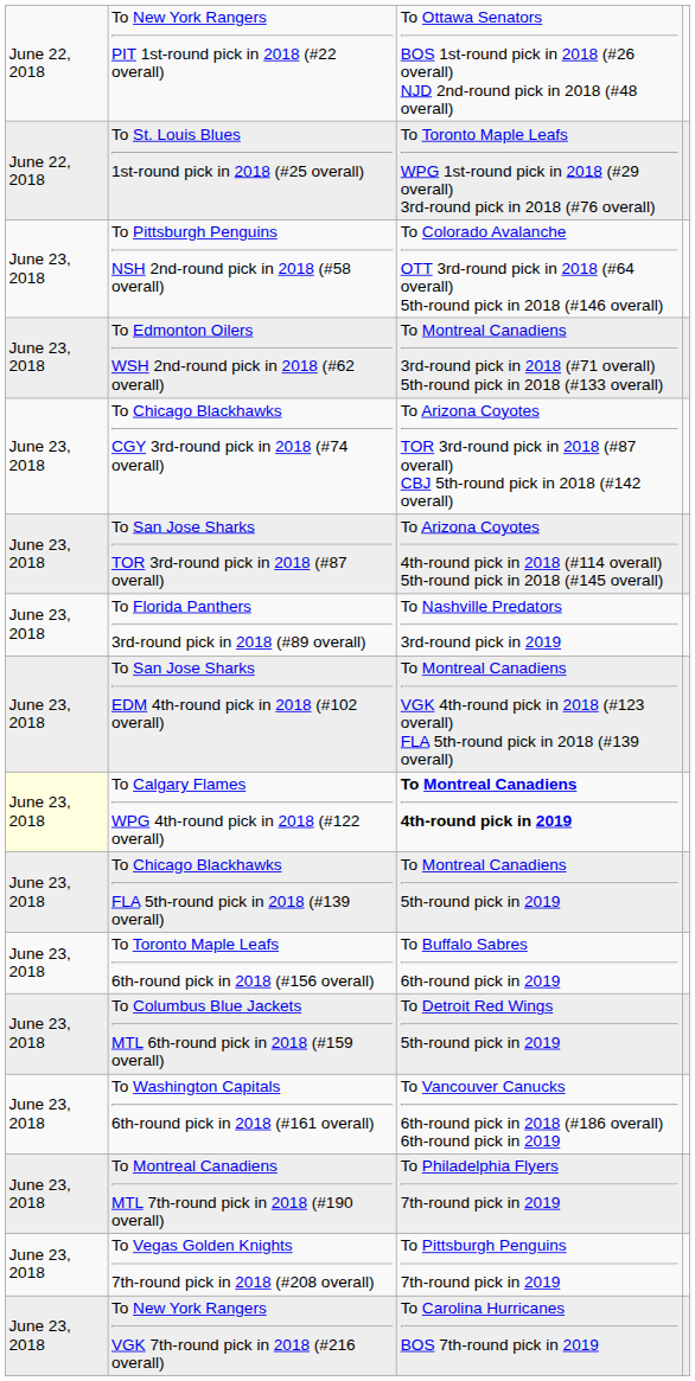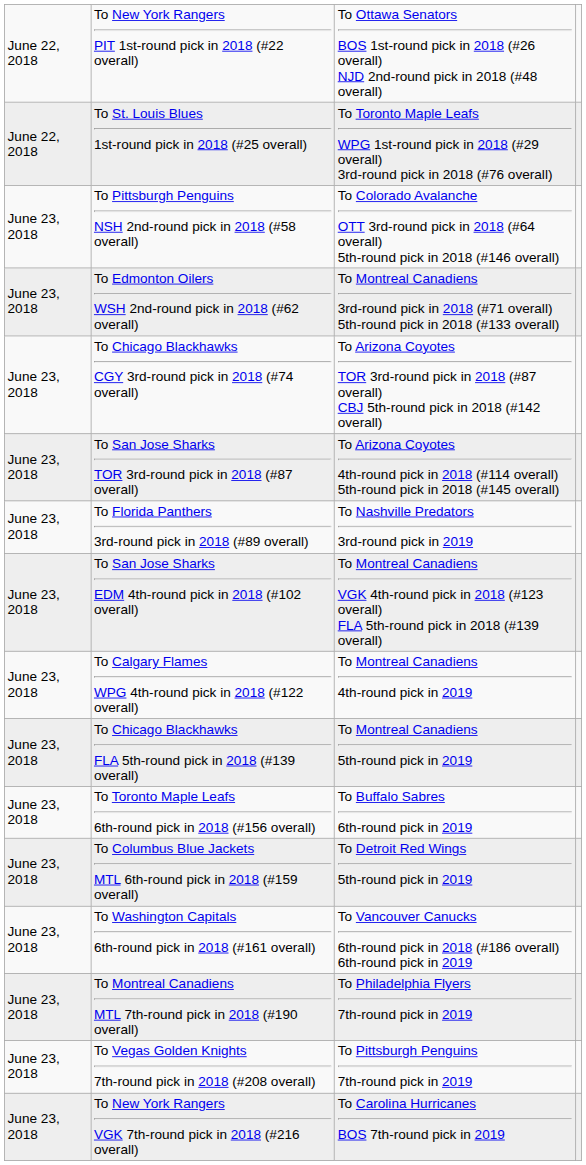 <table class="wikitable" style="border:1px solid #999999; width:680px;">
 <tr>
 <td>June 22, 2018</td>
 <td valign="top">To <a href='#'>New York Rangers</a><hr><a href='#'>PIT</a> 1st-round pick in <a href='#'>2018</a> (#22 overall)</td>
 <td valign="top">To <a href='#'>Ottawa Senators</a><hr><a href='#'>BOS</a> 1st-round pick in <a href='#'>2018</a> (#26 overall)<br><a href='#'>NJD</a> 2nd-round pick in 2018 (#48 overall)</td>
 <td></td>
 </tr>
 <tr bgcolor="eeeeee">
 <td>June 22, 2018</td>
 <td valign="top">To <a href='#'>St. Louis Blues</a><hr>1st-round pick in <a href='#'>2018</a> (#25 overall)</td>
 <td valign="top">To <a href='#'>Toronto Maple Leafs</a><hr><a href='#'>WPG</a> 1st-round pick in <a href='#'>2018</a> (#29 overall)<br>3rd-round pick in 2018 (#76 overall)</td>
 <td></td>
 </tr>
 <tr>
 <td>June 23, 2018</td>
 <td valign="top">To <a href='#'>Pittsburgh Penguins</a><hr><a href='#'>NSH</a> 2nd-round pick in <a href='#'>2018</a> (#58 overall)</td>
 <td valign="top">To <a href='#'>Colorado Avalanche</a><hr><a href='#'>OTT</a> 3rd-round pick in <a href='#'>2018</a> (#64 overall)<br>5th-round pick in 2018 (#146 overall)</td>
 <td></td>
 </tr>
 <tr bgcolor="eeeeee">
 <td>June 23, 2018</td>
 <td valign="top">To <a href='#'>Edmonton Oilers</a><hr><a href='#'>WSH</a> 2nd-round pick in <a href='#'>2018</a> (#62 overall)</td>
 <td valign="top">To <a href='#'>Montreal Canadiens</a><hr>3rd-round pick in <a href='#'>2018</a> (#71 overall)<br>5th-round pick in 2018 (#133 overall)</td>
 <td></td>
 </tr>
 <tr>
 <td>June 23, 2018</td>
 <td valign="top">To <a href='#'>Chicago Blackhawks</a><hr><a href='#'>CGY</a> 3rd-round pick in <a href='#'>2018</a> (#74 overall)</td>
 <td valign="top">To <a href='#'>Arizona Coyotes</a><hr><a href='#'>TOR</a> 3rd-round pick in <a href='#'>2018</a> (#87 overall)<br><a href='#'>CBJ</a> 5th-round pick in 2018 (#142 overall)</td>
 <td></td>
 </tr>
 <tr bgcolor="eeeeee">
 <td>June 23, 2018</td>
 <td valign="top">To <a href='#'>San Jose Sharks</a><hr><a href='#'>TOR</a> 3rd-round pick in <a href='#'>2018</a> (#87 overall)</td>
 <td valign="top">To <a href='#'>Arizona Coyotes</a><hr>4th-round pick in <a href='#'>2018</a> (#114 overall)<br>5th-round pick in 2018 (#145 overall)</td>
 <td></td>
 </tr>
 <tr>
 <td>June 23, 2018</td>
 <td valign="top">To <a href='#'>Florida Panthers</a><hr>3rd-round pick in <a href='#'>2018</a> (#89 overall)</td>
 <td valign="top">To <a href='#'>Nashville Predators</a><hr>3rd-round pick in <a href='#'>2019</a></td>
 <td></td>
 </tr>
 <tr bgcolor="eeeeee">
 <td>June 23, 2018</td>
 <td valign="top">To <a href='#'>San Jose Sharks</a><hr><a href='#'>EDM</a> 4th-round pick in <a href='#'>2018</a> (#102 overall)</td>
 <td valign="top">To <a href='#'>Montreal Canadiens</a><hr><a href='#'>VGK</a> 4th-round pick in <a href='#'>2018</a> (#123 overall)<br><a href='#'>FLA</a> 5th-round pick in 2018 (#139 overall)</td>
 <td></td>
 </tr>
 <tr>
-<td style="background: lightyellow;">June 23, 2018</td>
+<td>June 23, 2018</td>
 <td valign="top">To <a href='#'>Calgary Flames</a><hr><a href='#'>WPG</a> 4th-round pick in <a href='#'>2018</a> (#122 overall)</td>
-<td valign="top"><strong>To <a href='#'>Montreal Canadiens</a><hr>4th-round pick in <a href='#'>2019</a></strong></td>
+<td valign="top">To <a href='#'>Montreal Canadiens</a><hr>4th-round pick in <a href='#'>2019</a></td>
 <td></td>
 </tr>
 <tr bgcolor="eeeeee">
 <td>June 23, 2018</td>
 <td valign="top">To <a href='#'>Chicago Blackhawks</a><hr><a href='#'>FLA</a> 5th-round pick in <a href='#'>2018</a> (#139 overall)</td>
 <td valign="top">To <a href='#'>Montreal Canadiens</a><hr>5th-round pick in <a href='#'>2019</a></td>
 <td></td>
 </tr>
 <tr>
 <td>June 23, 2018</td>
 <td valign="top">To <a href='#'>Toronto Maple Leafs</a><hr>6th-round pick in <a href='#'>2018</a> (#156 overall)</td>
 <td valign="top">To <a href='#'>Buffalo Sabres</a><hr>6th-round pick in <a href='#'>2019</a></td>
 <td></td>
 </tr>
 <tr bgcolor="eeeeee">
 <td>June 23, 2018</td>
 <td valign="top">To <a href='#'>Columbus Blue Jackets</a><hr><a href='#'>MTL</a> 6th-round pick in <a href='#'>2018</a> (#159 overall)</td>
 <td valign="top">To <a href='#'>Detroit Red Wings</a><hr>5th-round pick in <a href='#'>2019</a></td>
 <td></td>
 </tr>
 <tr>
 <td>June 23, 2018</td>
 <td valign="top">To <a href='#'>Washington Capitals</a><hr>6th-round pick in <a href='#'>2018</a> (#161 overall)</td>
 <td valign="top">To <a href='#'>Vancouver Canucks</a><hr>6th-round pick in <a href='#'>2018</a> (#186 overall)<br>6th-round pick in <a href='#'>2019</a></td>
 <td></td>
 </tr>
 <tr bgcolor="eeeeee">
 <td>June 23, 2018</td>
 <td valign="top">To <a href='#'>Montreal Canadiens</a><hr><a href='#'>MTL</a> 7th-round pick in <a href='#'>2018</a> (#190 overall)</td>
 <td valign="top">To <a href='#'>Philadelphia Flyers</a><hr>7th-round pick in <a href='#'>2019</a></td>
 <td></td>
 </tr>
 <tr>
 <td>June 23, 2018</td>
 <td valign="top">To <a href='#'>Vegas Golden Knights</a><hr>7th-round pick in <a href='#'>2018</a> (#208 overall)</td>
 <td valign="top">To <a href='#'>Pittsburgh Penguins</a><hr>7th-round pick in <a href='#'>2019</a></td>
 <td></td>
 </tr>
 <tr bgcolor="eeeeee">
 <td>June 23, 2018</td>
 <td valign="top">To <a href='#'>New York Rangers</a><hr><a href='#'>VGK</a> 7th-round pick in <a href='#'>2018</a> (#216 overall)</td>
 <td valign="top">To <a href='#'>Carolina Hurricanes</a><hr><a href='#'>BOS</a> 7th-round pick in <a href='#'>2019</a></td>
 <td></td>
 </tr>
 </table>
